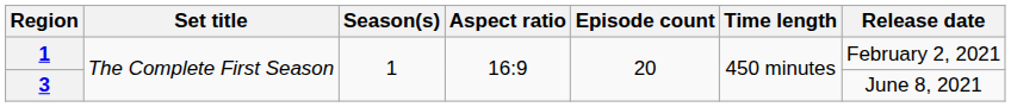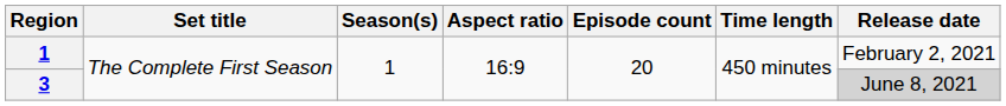 <table class="wikitable" style="text-align:center;">
 <tr>
 <th scope="col">Region</th>
 <th scope="col">Set title</th>
 <th scope="col">Season(s)</th>
 <th scope="col">Aspect ratio</th>
 <th scope="col">Episode count</th>
 <th scope="col">Time length</th>
 <th scope="col">Release date</th>
 </tr>
 <tr>
 <th scope="row"><a href='#'>1</a></th>
 <td rowspan=2><em>The Complete First Season</em></td>
 <td rowspan=2>1</td>
 <td rowspan=2>16:9</td>
 <td rowspan=2>20</td>
 <td rowspan=2>450 minutes</td>
 <td>February 2, 2021</td>
 </tr>
 <tr>
 <th scope="row"><a href='#'>3</a></th>
-<td>June 8, 2021</td>
+<td style="background: lightgrey;">June 8, 2021</td>
 </tr>
 </table>
